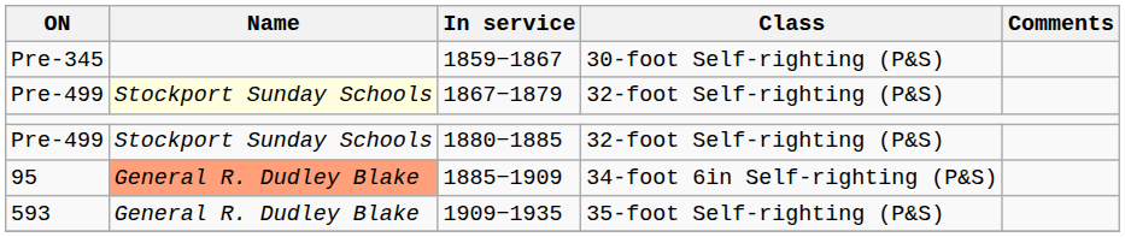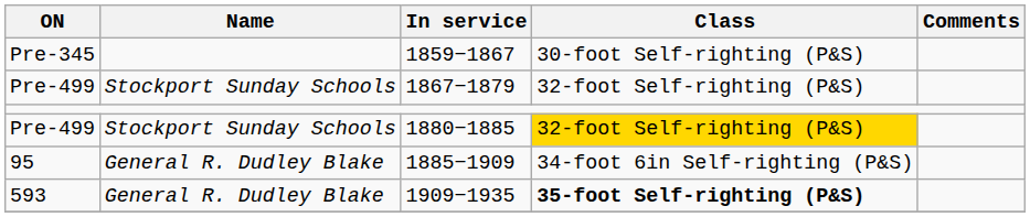 <table class="wikitable">
 <tr>
 <th>ON</th>
 <th>Name</th>
 <th>In service</th>
 <th>Class</th>
 <th>Comments</th>
 </tr>
 <tr>
 <td>Pre-345</td>
 <td></td>
 <td>1859−1867</td>
 <td>30-foot Self-righting (P&S)</td>
 <td></td>
 </tr>
 <tr>
 <td>Pre-499</td>
-<td style="background: lightyellow;"><em>Stockport Sunday Schools</em></td>
+<td><em>Stockport Sunday Schools</em></td>
 <td>1867−1879</td>
 <td>32-foot Self-righting (P&S)</td>
 <td></td>
 </tr>
 <tr>
 <td colspan=6 style=" text-align: center;"></td>
 </tr>
 <tr>
 <td>Pre-499</td>
 <td><em>Stockport Sunday Schools</em></td>
 <td>1880−1885</td>
-<td>32-foot Self-righting (P&S)</td>
+<td style="background: gold;">32-foot Self-righting (P&S)</td>
 <td></td>
 </tr>
 <tr>
 <td>95</td>
-<td style="background: lightsalmon;"><em>General R. Dudley Blake</em></td>
+<td><em>General R. Dudley Blake</em></td>
 <td>1885−1909</td>
 <td>34-foot 6in Self-righting (P&S)</td>
 <td></td>
 </tr>
 <tr>
 <td>593</td>
 <td><em>General R. Dudley Blake</em></td>
 <td>1909−1935</td>
-<td>35-foot Self-righting (P&S)</td>
+<td><strong>35-foot Self-righting (P&S)</strong></td>
 <td></td>
 </tr>
 <tr>
 </tr>
 </table>
